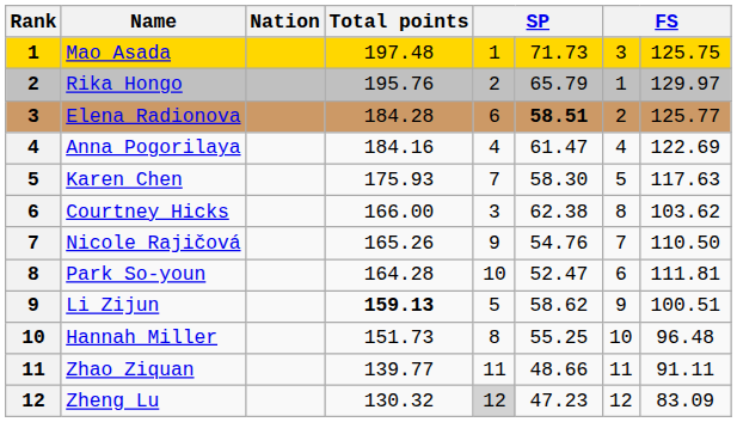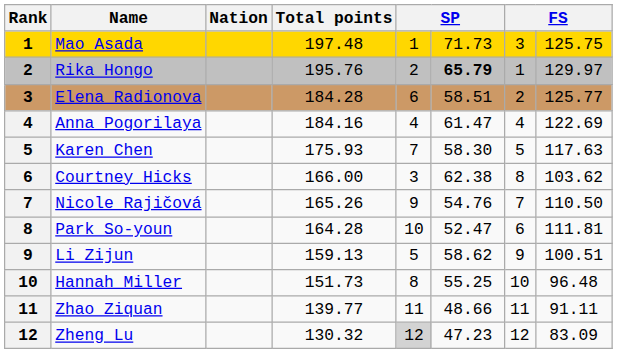 <table class="wikitable sortable">
 <tr>
 <th>Rank</th>
 <th>Name</th>
 <th>Nation</th>
 <th>Total points</th>
 <th colspan="2" width="80px"><a href='#'>SP</a></th>
 <th colspan="2" width="80px"><a href='#'>FS</a></th>
 </tr>
 <tr bgcolor="gold">
 <td align="center"><strong>1</strong></td>
 <td><a href='#'>Mao Asada</a></td>
 <td></td>
 <td align="center">197.48</td>
 <td align="center">1</td>
 <td align="center">71.73</td>
 <td align="center">3</td>
 <td align="center">125.75</td>
 </tr>
 <tr bgcolor="silver">
 <td align="center"><strong>2</strong></td>
 <td><a href='#'>Rika Hongo</a></td>
 <td></td>
 <td align="center">195.76</td>
 <td align="center">2</td>
-<td align="center">65.79</td>
+<td align="center"><strong>65.79</strong></td>
 <td align="center">1</td>
 <td align="center">129.97</td>
 </tr>
 <tr bgcolor="cc9966">
 <td align="center"><strong>3</strong></td>
 <td><a href='#'>Elena Radionova</a></td>
 <td></td>
 <td align="center">184.28</td>
 <td align="center">6</td>
-<td align="center"><strong>58.51</strong></td>
+<td align="center">58.51</td>
 <td align="center">2</td>
 <td align="center">125.77</td>
 </tr>
 <tr>
 <th>4</th>
 <td><a href='#'>Anna Pogorilaya</a></td>
 <td></td>
 <td align="center">184.16</td>
 <td align="center">4</td>
 <td align="center">61.47</td>
 <td align="center">4</td>
 <td align="center">122.69</td>
 </tr>
 <tr>
 <th>5</th>
 <td><a href='#'>Karen Chen</a></td>
 <td></td>
 <td align="center">175.93</td>
 <td align="center">7</td>
 <td align="center">58.30</td>
 <td align="center">5</td>
 <td align="center">117.63</td>
 </tr>
 <tr>
 <th>6</th>
 <td><a href='#'>Courtney Hicks</a></td>
 <td></td>
 <td align="center">166.00</td>
 <td align="center">3</td>
 <td align="center">62.38</td>
 <td align="center">8</td>
 <td align="center">103.62</td>
 </tr>
 <tr>
 <th>7</th>
 <td><a href='#'>Nicole Rajičová</a></td>
 <td></td>
 <td align="center">165.26</td>
 <td align="center">9</td>
 <td align="center">54.76</td>
 <td align="center">7</td>
 <td align="center">110.50</td>
 </tr>
 <tr>
 <th>8</th>
 <td><a href='#'>Park So-youn</a></td>
 <td></td>
 <td align="center">164.28</td>
 <td align="center">10</td>
 <td align="center">52.47</td>
 <td align="center">6</td>
 <td align="center">111.81</td>
 </tr>
 <tr>
 <th>9</th>
 <td><a href='#'>Li Zijun</a></td>
 <td></td>
-<td align="center"><strong>159.13</strong></td>
+<td align="center">159.13</td>
 <td align="center">5</td>
 <td align="center">58.62</td>
 <td align="center">9</td>
 <td align="center">100.51</td>
 </tr>
 <tr>
 <th>10</th>
 <td><a href='#'>Hannah Miller</a></td>
 <td></td>
 <td align="center">151.73</td>
 <td align="center">8</td>
 <td align="center">55.25</td>
 <td align="center">10</td>
 <td align="center">96.48</td>
 </tr>
 <tr>
 <th>11</th>
 <td><a href='#'>Zhao Ziquan</a></td>
 <td></td>
 <td align="center">139.77</td>
 <td align="center">11</td>
 <td align="center">48.66</td>
 <td align="center">11</td>
 <td align="center">91.11</td>
 </tr>
 <tr>
 <th>12</th>
 <td><a href='#'>Zheng Lu</a></td>
 <td></td>
 <td align="center">130.32</td>
 <td align="center" style="background: lightgrey;">12</td>
 <td align="center">47.23</td>
 <td align="center">12</td>
 <td align="center">83.09</td>
 </tr>
 </table>
